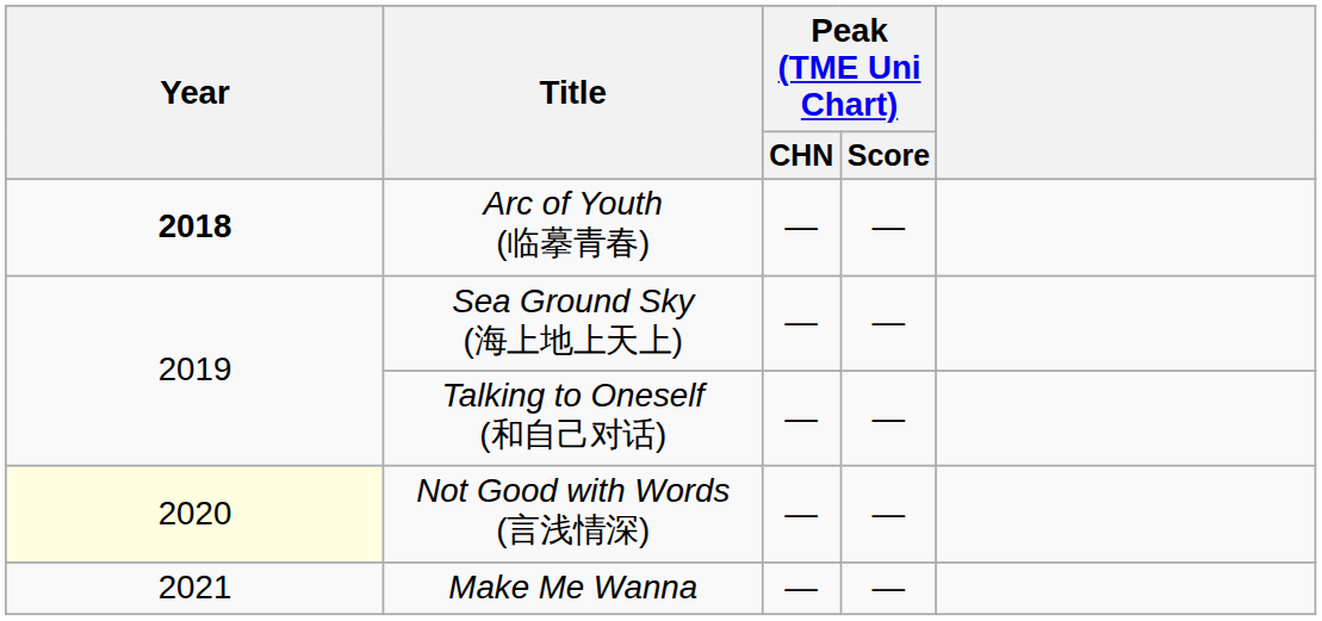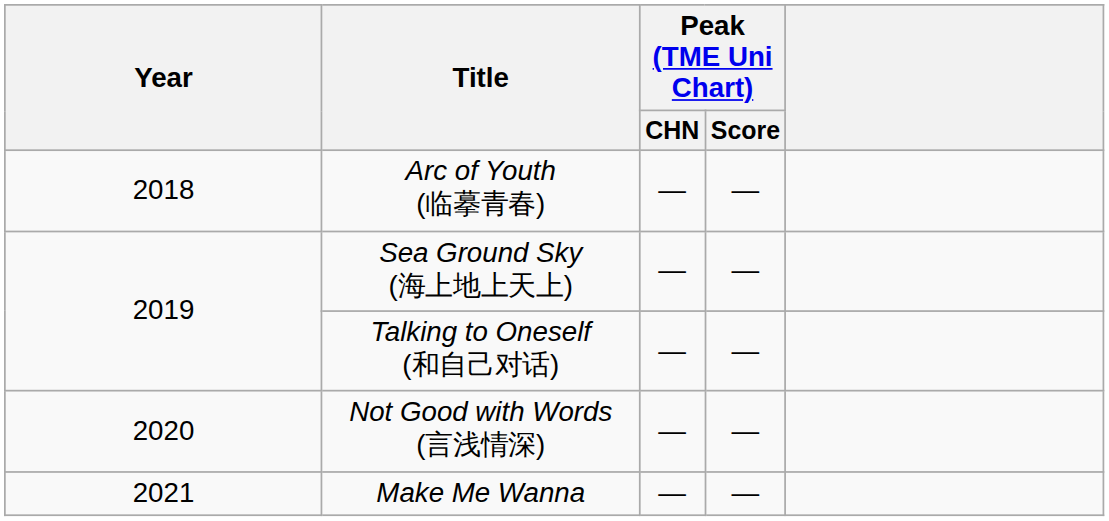 <table class="wikitable plainrowheaders" style="text-align:center;">
 <tr>
 <th scope="col" rowspan="2" style="width:11em;">Year</th>
 <th scope="col" rowspan="2" style="width:11em;">Title</th>
 <th scope="col" colspan="2">Peak <br><a href='#'>(TME Uni Chart)</a></th>
 <th scope="col" rowspan="2" style="width:11em;"></th>
 </tr>
 <tr>
 <th scope="col" style="width:2em;font-size:90%;">CHN</th>
 <th scope="col" style="width:2em;font-size:90%;">Score</th>
 </tr>
 <tr |->
-<td rowspan="1"><strong>2018</strong></td>
+<td rowspan="1">2018</td>
 <td><em>Arc of Youth</em><br>(临摹青春)</td>
 <td style="text-align:center">—</td>
 <td style="text-align:center">—</td>
 <td></td>
 </tr>
 <tr>
 <td rowspan="2">2019</td>
 <td><em>Sea Ground Sky</em><br>(海上地上天上)</td>
 <td style="text-align:center">—</td>
 <td style="text-align:center">—</td>
 <td></td>
 </tr>
 <tr>
 <td><em>Talking to Oneself</em><br>(和自己对话)</td>
 <td style="text-align:center">—</td>
 <td style="text-align:center">—</td>
 <td></td>
 </tr>
 <tr>
-<td style="background: lightyellow;">2020</td>
+<td>2020</td>
 <td><em>Not Good with Words</em><br>(言浅情深)</td>
 <td style="text-align:center">—</td>
 <td style="text-align:center">—</td>
 <td></td>
 </tr>
 <tr>
 <td>2021</td>
 <td><em>Make Me Wanna</em></td>
 <td style="text-align:center">—</td>
 <td style="text-align:center">—</td>
 <td></td>
 </tr>
 </table>
